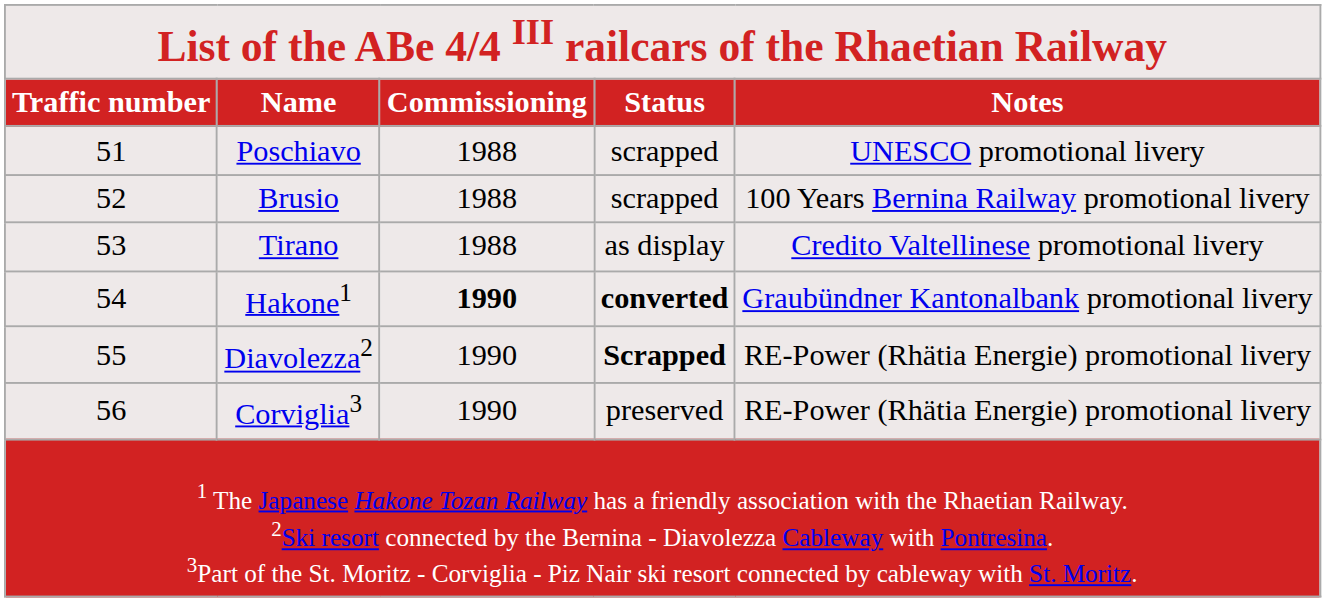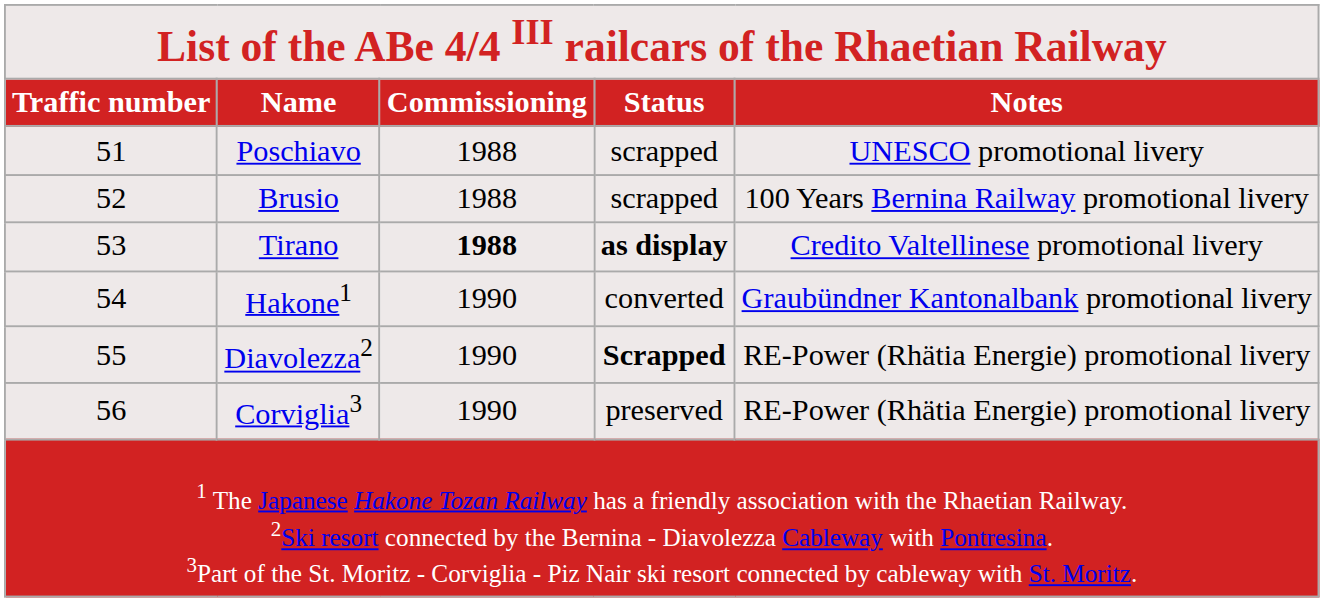 <table class="wikitable">
 <tr bgcolor="#EEE9E9" align="center" span style="color:#D22222">
 <td colspan="5"><big><big><strong>List of the ABe 4/4 <sup>III</sup> railcars of the Rhaetian Railway</strong></big></big></td>
 </tr>
 <tr bgcolor="#D22222" align="center" span style="color:#ffffff">
 <td><strong>Traffic number</strong></td>
 <td><strong>Name</strong></td>
 <td><strong>Commissioning</strong></td>
 <td><strong>Status</strong></td>
 <td><strong>Notes</strong></td>
 </tr>
 <tr bgcolor="#EEE9E9" align="center">
 <td>51</td>
 <td><a href='#'>Poschiavo</a></td>
 <td>1988</td>
 <td>scrapped</td>
 <td><a href='#'>UNESCO</a> promotional livery</td>
 </tr>
 <tr bgcolor="#EEE9E9" align="center">
 <td>52</td>
 <td><a href='#'>Brusio</a></td>
 <td>1988</td>
 <td>scrapped</td>
 <td>100 Years <a href='#'>Bernina Railway</a> promotional livery</td>
 </tr>
 <tr bgcolor="#EEE9E9" align="center">
 <td>53</td>
 <td><a href='#'>Tirano</a></td>
-<td>1988</td>
-<td>as display</td>
+<td><strong>1988</strong></td>
+<td><strong>as display</strong></td>
 <td><a href='#'>Credito Valtellinese</a> promotional livery</td>
 </tr>
 <tr bgcolor="#EEE9E9" align="center">
 <td>54</td>
 <td><a href='#'>Hakone</a><sup>1</sup></td>
-<td><strong>1990</strong></td>
-<td><strong>converted</strong></td>
+<td>1990</td>
+<td>converted</td>
 <td><a href='#'>Graubündner Kantonalbank</a> promotional livery</td>
 </tr>
 <tr bgcolor="#EEE9E9" align="center">
 <td>55</td>
 <td><a href='#'>Diavolezza</a><sup>2</sup></td>
 <td>1990</td>
 <td><strong>Scrapped</strong></td>
 <td>RE-Power (Rhätia Energie) promotional livery</td>
 </tr>
 <tr bgcolor="#EEE9E9" align="center">
 <td>56</td>
 <td><a href='#'>Corviglia</a><sup>3</sup></td>
 <td>1990</td>
 <td>preserved</td>
 <td>RE-Power (Rhätia Energie) promotional livery</td>
 </tr>
 <tr bgcolor="#D22222" align="center" span style="color:#ffffff">
 <td colspan = "5"><br><small><sup>1</sup> The <a href='#'>Japanese</a> <em><a href='#'>Hakone Tozan Railway</a></em> has a friendly association with the Rhaetian Railway.<br> <sup>2</sup><a href='#'>Ski resort</a> connected by the Bernina - Diavolezza <a href='#'>Cableway</a> with <a href='#'>Pontresina</a>.<br> <sup>3</sup>Part of the St. Moritz - Corviglia - Piz Nair ski resort connected by cableway with <a href='#'>St. Moritz</a>.</small></td>
 </tr>
 </table>
